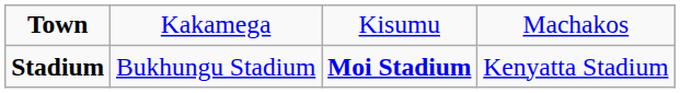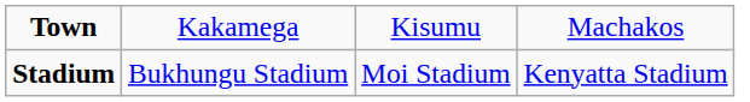 <table class="wikitable">
 <tr align=center>
 <td><strong>Town</strong></td>
 <td><a href='#'>Kakamega</a></td>
 <td><a href='#'>Kisumu</a></td>
 <td><a href='#'>Machakos</a></td>
 </tr>
 <tr align=center>
 <td><strong>Stadium</strong></td>
 <td><a href='#'>Bukhungu Stadium</a></td>
-<td><strong><a href='#'>Moi Stadium</a></strong></td>
+<td><a href='#'>Moi Stadium</a></td>
 <td><a href='#'>Kenyatta Stadium</a></td>
 </tr>
 </table>
